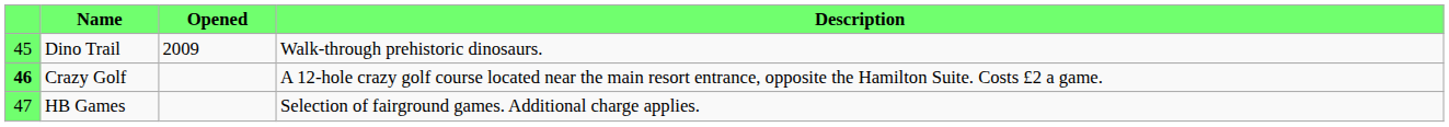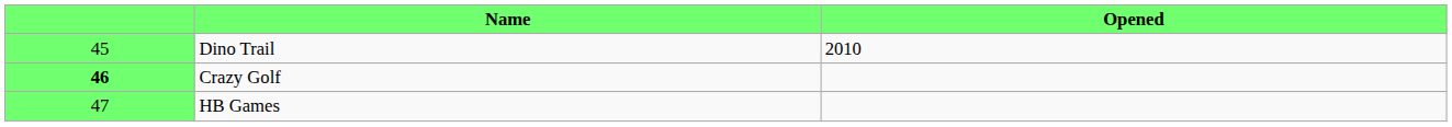 <table class="wikitable sortable" style="width: 100%; font sizes: 95%;">
 <tr>
 <th style="background-color: #70FF6E; width: 1.5em;"></th>
 <th style="background-color: #70FF6E; width: 6em;">Name</th>
 <th style="background-color: #70FF6E; width: 6em;">Opened</th>
-<th style="background-color: #70FF6E;">Description</th>
 </tr>
 <tr>
 <td bgcolor="#70FF6E" style="text-align: center;">45</td>
 <td>Dino Trail</td>
-<td>2009</td>
-<td>Walk-through prehistoric dinosaurs.</td>
+<td>2010</td>
 </tr>
 <tr>
 <td bgcolor="#70FF6E" style="text-align: center;"><strong>46</strong></td>
 <td>Crazy Golf</td>
 <td></td>
-<td>A 12-hole crazy golf course located near the main resort entrance, opposite the Hamilton Suite. Costs £2 a game.</td>
 </tr>
 <tr>
 <td bgcolor="#70FF6E" style="text-align: center;">47</td>
 <td>HB Games</td>
 <td></td>
-<td>Selection of fairground games. Additional charge applies.</td>
 </tr>
 </table>
